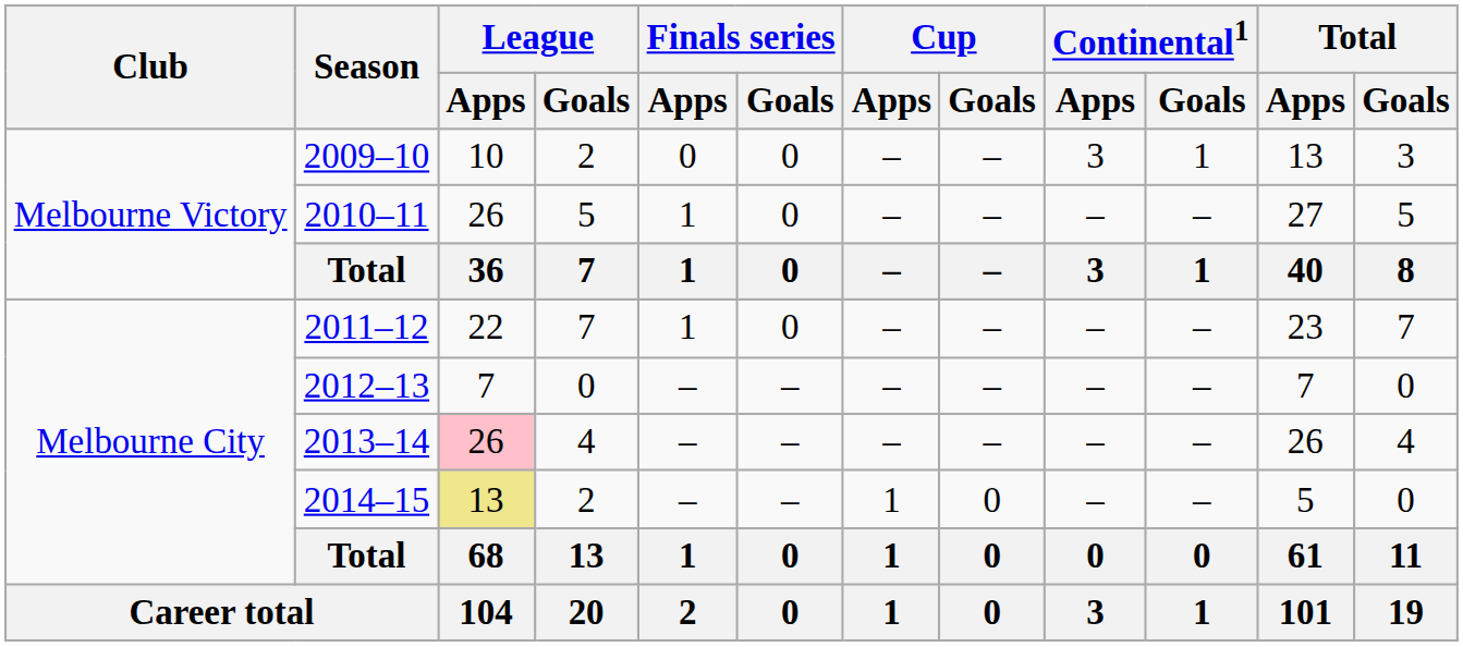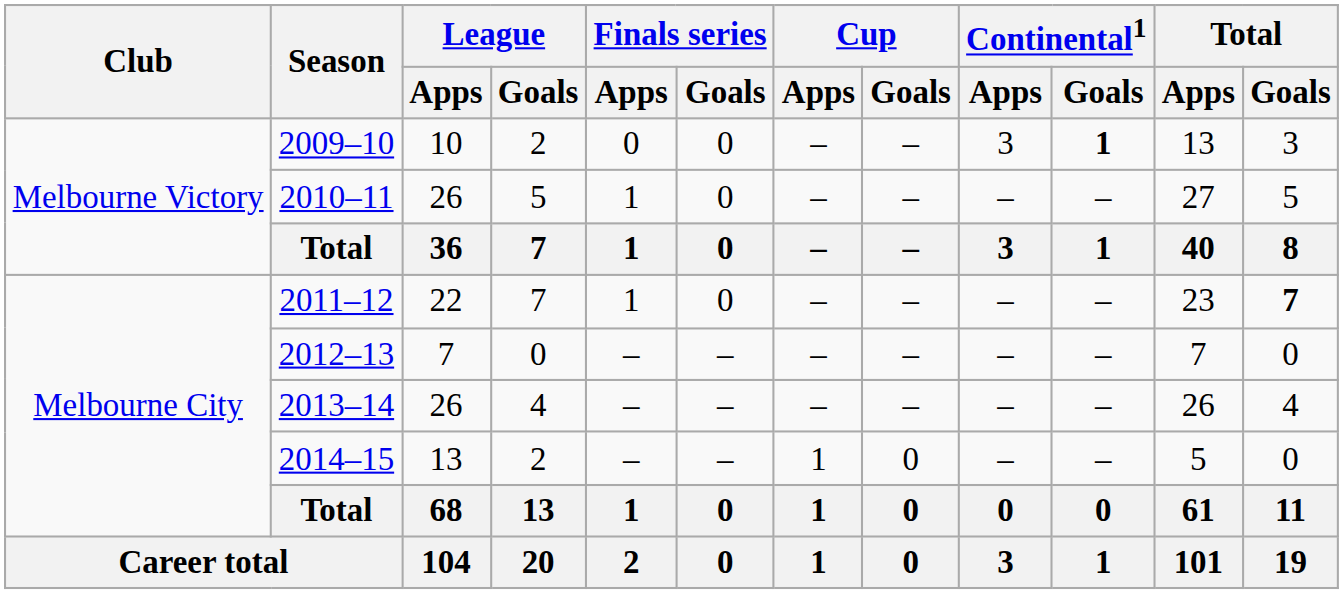 <table class="wikitable" border="1" style="text-align: center;">
 <tr>
 <th rowspan="2">Club</th>
 <th rowspan="2">Season</th>
 <th colspan="2"><a href='#'>League</a></th>
 <th colspan="2"><a href='#'>Finals series</a></th>
 <th colspan="2"><a href='#'>Cup</a></th>
 <th colspan="2"><a href='#'>Continental</a><sup>1</sup></th>
 <th colspan="2">Total</th>
 </tr>
 <tr>
 <th>Apps</th>
 <th>Goals</th>
 <th>Apps</th>
 <th>Goals</th>
 <th>Apps</th>
 <th>Goals</th>
 <th>Apps</th>
 <th>Goals</th>
 <th>Apps</th>
 <th>Goals</th>
 </tr>
 <tr>
 <td rowspan="3" valign="center"><a href='#'>Melbourne Victory</a></td>
 <td><a href='#'>2009–10</a></td>
 <td>10</td>
 <td>2</td>
 <td>0</td>
 <td>0</td>
 <td>–</td>
 <td>–</td>
 <td>3</td>
-<td>1</td>
+<td><strong>1</strong></td>
 <td>13</td>
 <td>3</td>
 </tr>
 <tr>
 <td><a href='#'>2010–11</a></td>
 <td>26</td>
 <td>5</td>
 <td>1</td>
 <td>0</td>
 <td>–</td>
 <td>–</td>
 <td>–</td>
 <td>–</td>
 <td>27</td>
 <td>5</td>
 </tr>
 <tr>
 <th>Total</th>
 <th>36</th>
 <th>7</th>
 <th>1</th>
 <th>0</th>
 <th>–</th>
 <th>–</th>
 <th>3</th>
 <th>1</th>
 <th>40</th>
 <th>8</th>
 </tr>
 <tr>
 <td rowspan="5" valign="center"><a href='#'>Melbourne City</a></td>
 <td><a href='#'>2011–12</a></td>
 <td>22</td>
 <td>7</td>
 <td>1</td>
 <td>0</td>
 <td>–</td>
 <td>–</td>
 <td>–</td>
 <td>–</td>
 <td>23</td>
-<td>7</td>
+<td><strong>7</strong></td>
 </tr>
 <tr>
 <td><a href='#'>2012–13</a></td>
 <td>7</td>
 <td>0</td>
 <td>–</td>
 <td>–</td>
 <td>–</td>
 <td>–</td>
 <td>–</td>
 <td>–</td>
 <td>7</td>
 <td>0</td>
 </tr>
 <tr>
 <td><a href='#'>2013–14</a></td>
-<td style="background: pink;">26</td>
+<td>26</td>
 <td>4</td>
 <td>–</td>
 <td>–</td>
 <td>–</td>
 <td>–</td>
 <td>–</td>
 <td>–</td>
 <td>26</td>
 <td>4</td>
 </tr>
 <tr>
 <td><a href='#'>2014–15</a></td>
-<td style="background: khaki;">13</td>
+<td>13</td>
 <td>2</td>
 <td>–</td>
 <td>–</td>
 <td>1</td>
 <td>0</td>
 <td>–</td>
 <td>–</td>
 <td>5</td>
 <td>0</td>
 </tr>
 <tr>
 <th>Total</th>
 <th>68</th>
 <th>13</th>
 <th>1</th>
 <th>0</th>
 <th>1</th>
 <th>0</th>
 <th>0</th>
 <th>0</th>
 <th>61</th>
 <th>11</th>
 </tr>
 <tr>
 <th colspan="2">Career total</th>
 <th>104</th>
 <th>20</th>
 <th>2</th>
 <th>0</th>
 <th>1</th>
 <th>0</th>
 <th>3</th>
 <th>1</th>
 <th>101</th>
 <th>19</th>
 </tr>
 </table>
